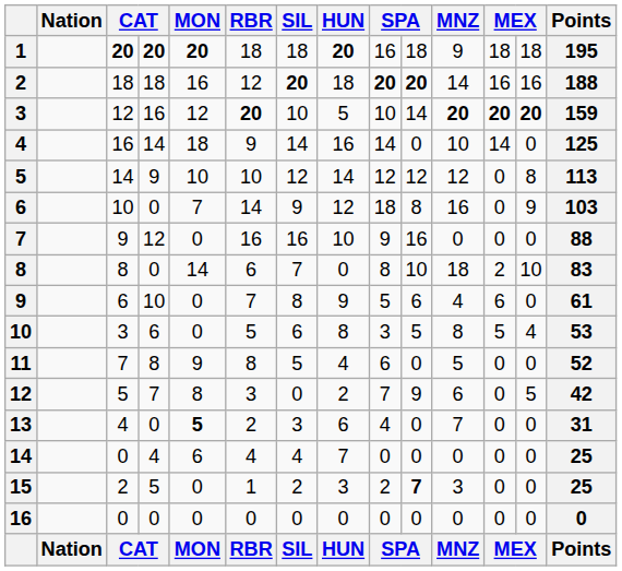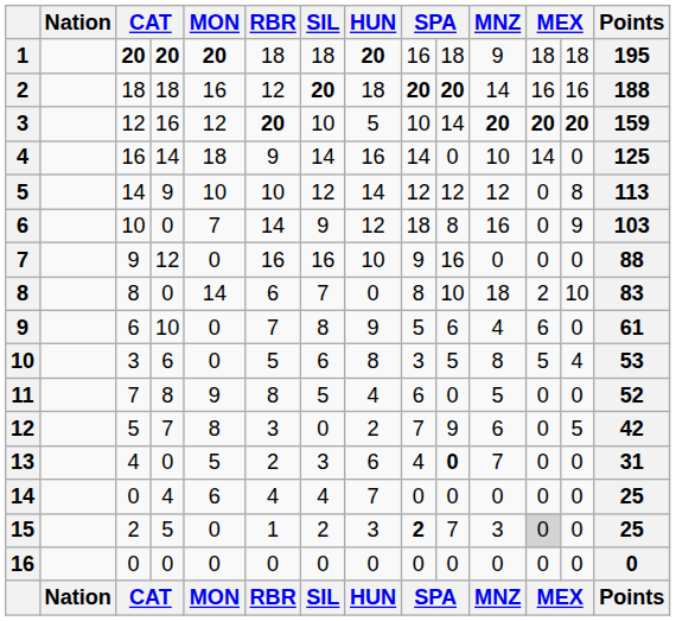 <table class="wikitable" style="font-size: 85%; text-align:center">
 <tr valign="top">
 <th valign="middle"></th>
 <th valign="middle">Nation</th>
 <th colspan=2><a href='#'>CAT</a><br></th>
 <th><a href='#'>MON</a><br></th>
 <th><a href='#'>RBR</a><br></th>
 <th><a href='#'>SIL</a><br></th>
 <th><a href='#'>HUN</a><br></th>
 <th colspan=2><a href='#'>SPA</a><br></th>
 <th><a href='#'>MNZ</a><br></th>
 <th colspan=2><a href='#'>MEX</a><br></th>
 <th valign="middle">Points</th>
 </tr>
 <tr>
 <th>1</th>
 <td align=left></td>
 <td><strong>20</strong></td>
 <td><strong>20</strong></td>
 <td><strong>20</strong></td>
 <td>18</td>
 <td>18</td>
 <td><strong>20</strong></td>
 <td>16</td>
 <td>18</td>
 <td>9</td>
 <td>18</td>
 <td>18</td>
 <th>195</th>
 </tr>
 <tr>
 <th>2</th>
 <td align=left></td>
 <td>18</td>
 <td>18</td>
 <td>16</td>
 <td>12</td>
 <td><strong>20</strong></td>
 <td>18</td>
 <td><strong>20</strong></td>
 <td><strong>20</strong></td>
 <td>14</td>
 <td>16</td>
 <td>16</td>
 <th>188</th>
 </tr>
 <tr>
 <th>3</th>
 <td align=left></td>
 <td>12</td>
 <td>16</td>
 <td>12</td>
 <td><strong>20</strong></td>
 <td>10</td>
 <td>5</td>
 <td>10</td>
 <td>14</td>
 <td><strong>20</strong></td>
 <td><strong>20</strong></td>
 <td><strong>20</strong></td>
 <th>159</th>
 </tr>
 <tr>
 <th>4</th>
 <td align=left></td>
 <td>16</td>
 <td>14</td>
 <td>18</td>
 <td>9</td>
 <td>14</td>
 <td>16</td>
 <td>14</td>
 <td>0</td>
 <td>10</td>
 <td>14</td>
 <td>0</td>
 <th>125</th>
 </tr>
 <tr>
 <th>5</th>
 <td align=left></td>
 <td>14</td>
 <td>9</td>
 <td>10</td>
 <td>10</td>
 <td>12</td>
 <td>14</td>
 <td>12</td>
 <td>12</td>
 <td>12</td>
 <td>0</td>
 <td>8</td>
 <th>113</th>
 </tr>
 <tr>
 <th>6</th>
 <td align=left></td>
 <td>10</td>
 <td>0</td>
 <td>7</td>
 <td>14</td>
 <td>9</td>
 <td>12</td>
 <td>18</td>
 <td>8</td>
 <td>16</td>
 <td>0</td>
 <td>9</td>
 <th>103</th>
 </tr>
 <tr>
 <th>7</th>
 <td align=left></td>
 <td>9</td>
 <td>12</td>
 <td>0</td>
 <td>16</td>
 <td>16</td>
 <td>10</td>
 <td>9</td>
 <td>16</td>
 <td>0</td>
 <td>0</td>
 <td>0</td>
 <th>88</th>
 </tr>
 <tr>
 <th>8</th>
 <td align=left></td>
 <td>8</td>
 <td>0</td>
 <td>14</td>
 <td>6</td>
 <td>7</td>
 <td>0</td>
 <td>8</td>
 <td>10</td>
 <td>18</td>
 <td>2</td>
 <td>10</td>
 <th>83</th>
 </tr>
 <tr>
 <th>9</th>
 <td align=left></td>
 <td>6</td>
 <td>10</td>
 <td>0</td>
 <td>7</td>
 <td>8</td>
 <td>9</td>
 <td>5</td>
 <td>6</td>
 <td>4</td>
 <td>6</td>
 <td>0</td>
 <th>61</th>
 </tr>
 <tr>
 <th>10</th>
 <td align=left></td>
 <td>3</td>
 <td>6</td>
 <td>0</td>
 <td>5</td>
 <td>6</td>
 <td>8</td>
 <td>3</td>
 <td>5</td>
 <td>8</td>
 <td>5</td>
 <td>4</td>
 <th>53</th>
 </tr>
 <tr>
 <th>11</th>
 <td align=left></td>
 <td>7</td>
 <td>8</td>
 <td>9</td>
 <td>8</td>
 <td>5</td>
 <td>4</td>
 <td>6</td>
 <td>0</td>
 <td>5</td>
 <td>0</td>
 <td>0</td>
 <th>52</th>
 </tr>
 <tr>
 <th>12</th>
 <td align=left></td>
 <td>5</td>
 <td>7</td>
 <td>8</td>
 <td>3</td>
 <td>0</td>
 <td>2</td>
 <td>7</td>
 <td>9</td>
 <td>6</td>
 <td>0</td>
 <td>5</td>
 <th>42</th>
 </tr>
 <tr>
 <th>13</th>
 <td align=left></td>
 <td>4</td>
 <td>0</td>
-<td><strong>5</strong></td>
+<td>5</td>
 <td>2</td>
 <td>3</td>
 <td>6</td>
 <td>4</td>
-<td>0</td>
+<td><strong>0</strong></td>
 <td>7</td>
 <td>0</td>
 <td>0</td>
 <th>31</th>
 </tr>
 <tr>
 <th>14</th>
 <td align=left></td>
 <td>0</td>
 <td>4</td>
 <td>6</td>
 <td>4</td>
 <td>4</td>
 <td>7</td>
 <td>0</td>
 <td>0</td>
 <td>0</td>
 <td>0</td>
 <td>0</td>
 <th>25</th>
 </tr>
 <tr>
 <th>15</th>
 <td align=left></td>
 <td>2</td>
 <td>5</td>
 <td>0</td>
 <td>1</td>
 <td>2</td>
 <td>3</td>
-<td>2</td>
-<td><strong>7</strong></td>
+<td><strong>2</strong></td>
+<td>7</td>
 <td>3</td>
-<td>0</td>
+<td style="background: lightgrey;">0</td>
 <td>0</td>
 <th>25</th>
 </tr>
 <tr>
 <th>16</th>
 <td align=left></td>
 <td>0</td>
 <td>0</td>
 <td>0</td>
 <td>0</td>
 <td>0</td>
 <td>0</td>
 <td>0</td>
 <td>0</td>
 <td>0</td>
 <td>0</td>
 <td>0</td>
 <th>0</th>
 </tr>
 <tr>
 <th valign="middle"></th>
 <th valign="middle">Nation</th>
 <th colspan=2><a href='#'>CAT</a><br></th>
 <th><a href='#'>MON</a><br></th>
 <th><a href='#'>RBR</a><br></th>
 <th><a href='#'>SIL</a><br></th>
 <th><a href='#'>HUN</a><br></th>
 <th colspan=2><a href='#'>SPA</a><br></th>
 <th><a href='#'>MNZ</a><br></th>
 <th colspan=2><a href='#'>MEX</a><br></th>
 <th valign="middle">Points</th>
 </tr>
 </table>
